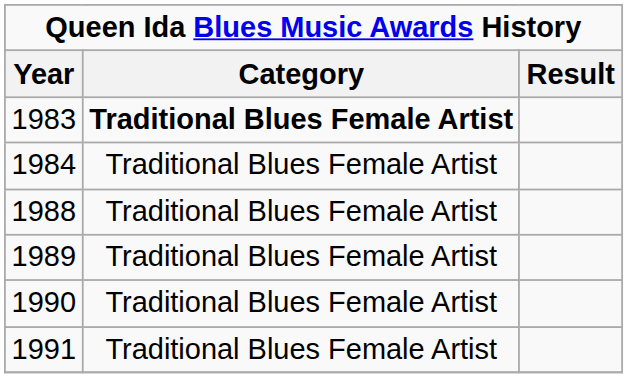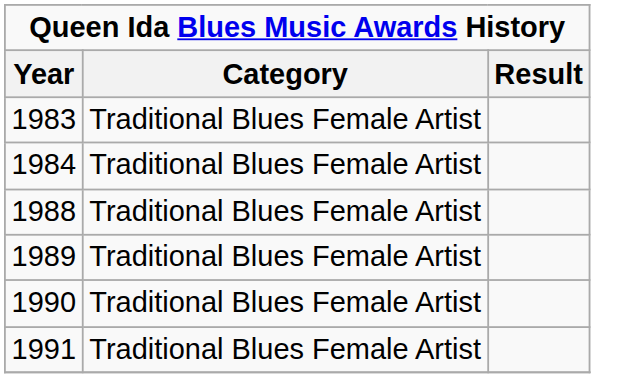 <table class=wikitable>
 <tr>
 <td colspan=5 align=center><strong>Queen Ida <a href='#'>Blues Music Awards</a> History</strong></td>
 </tr>
 <tr>
 <th>Year</th>
 <th>Category</th>
 <th>Result</th>
 </tr>
 <tr align=center>
 <td>1983</td>
-<td><strong>Traditional Blues Female Artist</strong></td>
+<td>Traditional Blues Female Artist</td>
 <td></td>
 </tr>
 <tr align=center>
 <td>1984</td>
 <td>Traditional Blues Female Artist</td>
 <td></td>
 </tr>
 <tr align=center>
 <td>1988</td>
 <td>Traditional Blues Female Artist</td>
 <td></td>
 </tr>
 <tr align=center>
 <td>1989</td>
 <td>Traditional Blues Female Artist</td>
 <td></td>
 </tr>
 <tr align=center>
 <td>1990</td>
 <td>Traditional Blues Female Artist</td>
 <td></td>
 </tr>
 <tr align=center>
 <td>1991</td>
 <td>Traditional Blues Female Artist</td>
 <td></td>
 </tr>
 <tr align=center>
 </tr>
 </table>
